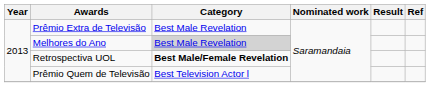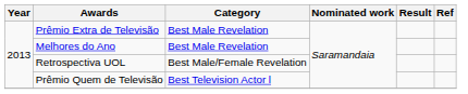 <table class="wikitable">
 <tr>
 <th>Year</th>
 <th>Awards</th>
 <th>Category</th>
 <th>Nominated work</th>
 <th>Result</th>
 <th>Ref</th>
 </tr>
 <tr>
 <td rowspan=4>2013</td>
 <td><a href='#'>Prêmio Extra de Televisão</a></td>
 <td><a href='#'>Best Male Revelation</a></td>
 <td rowspan=4><em>Saramandaia</em></td>
 <td></td>
 <td></td>
 </tr>
 <tr>
 <td><a href='#'>Melhores do Ano</a></td>
-<td style="background: lightgrey;"><a href='#'>Best Male Revelation</a></td>
+<td><a href='#'>Best Male Revelation</a></td>
 <td></td>
 <td></td>
 </tr>
 <tr>
 <td>Retrospectiva UOL</td>
-<td><strong>Best Male/Female Revelation</strong></td>
+<td>Best Male/Female Revelation</td>
 <td></td>
 <td></td>
 </tr>
 <tr>
 <td>Prêmio Quem de Televisão</td>
 <td><a href='#'>Best Television Actor l</a></td>
 <td></td>
 <td></td>
 </tr>
 <tr>
 </tr>
 </table>
